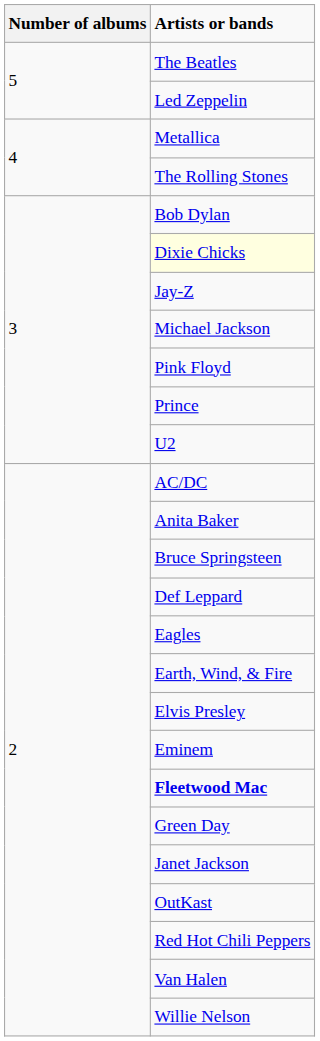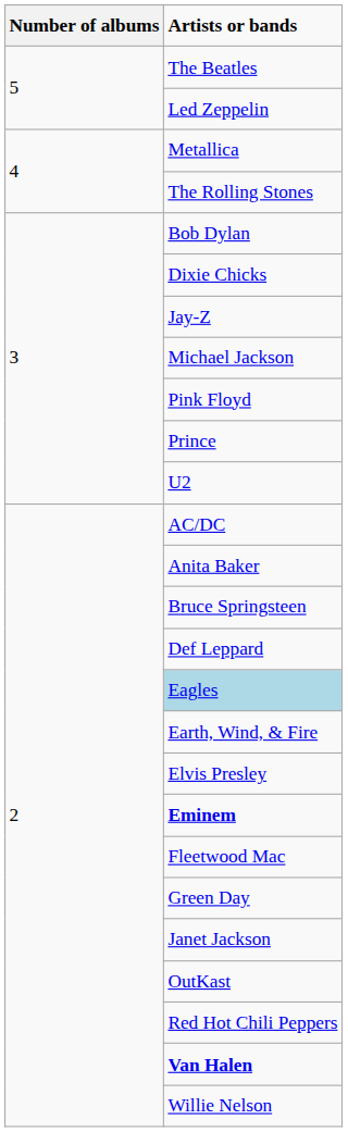 <table class="wikitable sortable" style="font-size:1.00em; line-height:1.75em;">
 <tr>
 <th>Number of albums</th>
 <td><strong>Artists or bands</strong></td>
 </tr>
 <tr>
 <td rowspan="2">5</td>
 <td><a href='#'>The Beatles</a></td>
 </tr>
 <tr>
 <td><a href='#'>Led Zeppelin</a></td>
 </tr>
 <tr>
 <td rowspan="2">4</td>
 <td><a href='#'>Metallica</a></td>
 </tr>
 <tr>
 <td><a href='#'>The Rolling Stones</a></td>
 </tr>
 <tr>
 <td rowspan="7">3</td>
 <td><a href='#'>Bob Dylan</a></td>
 </tr>
 <tr>
-<td style="background: lightyellow;"><a href='#'>Dixie Chicks</a></td>
+<td><a href='#'>Dixie Chicks</a></td>
 </tr>
 <tr>
 <td><a href='#'>Jay-Z</a></td>
 </tr>
 <tr>
 <td><a href='#'>Michael Jackson</a></td>
 </tr>
 <tr>
 <td><a href='#'>Pink Floyd</a></td>
 </tr>
 <tr>
 <td><a href='#'>Prince</a></td>
 </tr>
 <tr>
 <td><a href='#'>U2</a></td>
 </tr>
 <tr>
 <td rowspan="15">2</td>
 <td><a href='#'>AC/DC</a></td>
 </tr>
 <tr>
 <td><a href='#'>Anita Baker</a></td>
 </tr>
 <tr>
 <td><a href='#'>Bruce Springsteen</a></td>
 </tr>
 <tr>
 <td><a href='#'>Def Leppard</a></td>
 </tr>
 <tr>
-<td><a href='#'>Eagles</a></td>
+<td style="background: lightblue;"><a href='#'>Eagles</a></td>
 </tr>
 <tr>
 <td><a href='#'>Earth, Wind, & Fire</a></td>
 </tr>
 <tr>
 <td><a href='#'>Elvis Presley</a></td>
 </tr>
 <tr>
-<td><a href='#'>Eminem</a></td>
+<td><strong><a href='#'>Eminem</a></strong></td>
 </tr>
 <tr>
-<td><strong><a href='#'>Fleetwood Mac</a></strong></td>
+<td><a href='#'>Fleetwood Mac</a></td>
 </tr>
 <tr>
 <td><a href='#'>Green Day</a></td>
 </tr>
 <tr>
 <td><a href='#'>Janet Jackson</a></td>
 </tr>
 <tr>
 <td><a href='#'>OutKast</a></td>
 </tr>
 <tr>
 <td><a href='#'>Red Hot Chili Peppers</a></td>
 </tr>
 <tr>
-<td><a href='#'>Van Halen</a></td>
+<td><strong><a href='#'>Van Halen</a></strong></td>
 </tr>
 <tr>
 <td><a href='#'>Willie Nelson</a></td>
 </tr>
 </table>
